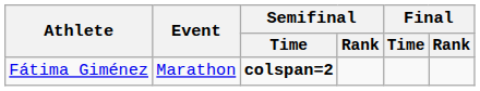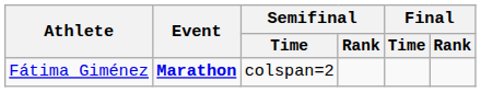 <table class=wikitable style=font-size:90%;text-align:center>
 <tr>
 <th rowspan=2>Athlete</th>
 <th rowspan=2>Event</th>
 <th colspan=2>Semifinal</th>
 <th colspan=2>Final</th>
 </tr>
 <tr style=font-size:95%>
 <th>Time</th>
 <th>Rank</th>
 <th>Time</th>
 <th>Rank</th>
 </tr>
 <tr>
 <td align=left><a href='#'>Fátima Giménez</a></td>
-<td align=left><a href='#'>Marathon</a></td>
-<td><strong>colspan=2 </strong></td>
+<td align=left><strong><a href='#'>Marathon</a></strong></td>
+<td>colspan=2 </td>
 <td></td>
 <td></td>
 </tr>
 </table>
